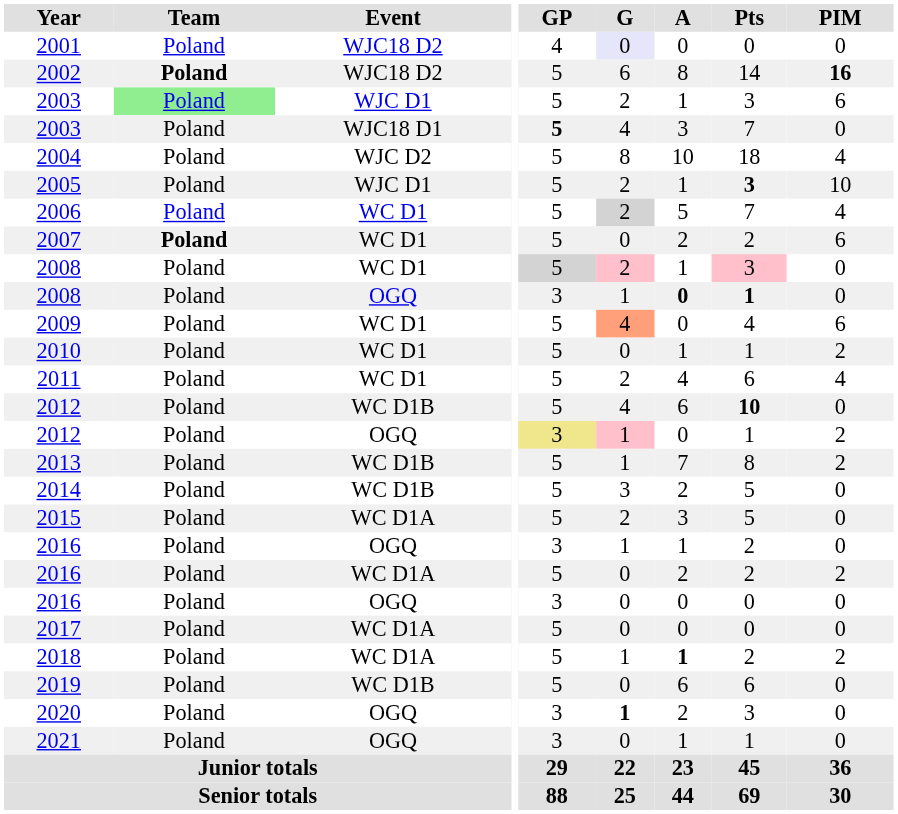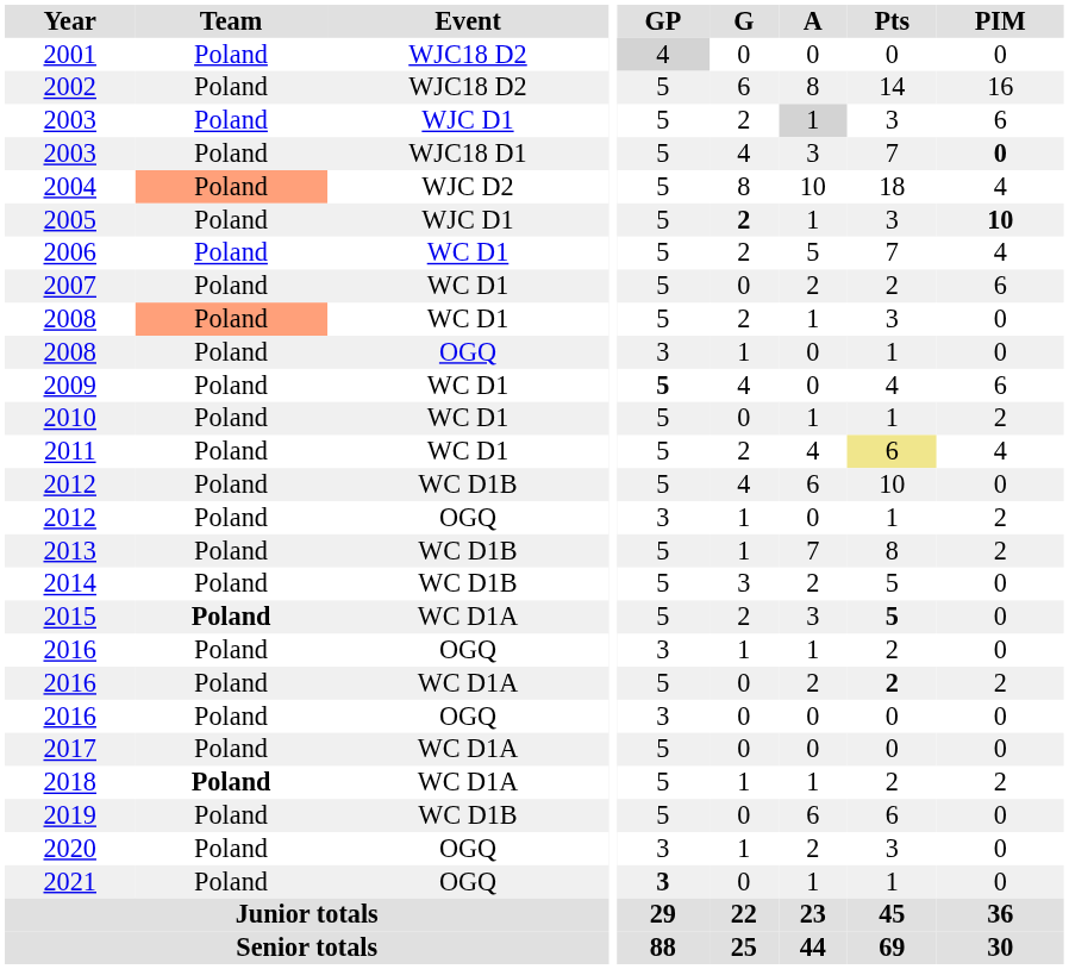 <table border="0" cellpadding="1" cellspacing="0" ID="Table3" style="text-align:center; width:40em">
 <tr ALIGN="center" bgcolor="#e0e0e0">
 <th>Year</th>
 <th>Team</th>
 <th>Event</th>
 <th rowspan="99" bgcolor="#ffffff"></th>
 <th>GP</th>
 <th>G</th>
 <th>A</th>
 <th>Pts</th>
 <th>PIM</th>
 </tr>
 <tr>
 <td><a href='#'>2001</a></td>
 <td><a href='#'>Poland</a></td>
 <td><a href='#'>WJC18 D2</a></td>
-<td>4</td>
-<td style="background: lavender;">0</td>
+<td style="background: lightgrey;">4</td>
+<td>0</td>
 <td>0</td>
 <td>0</td>
 <td>0</td>
 </tr>
 <tr bgcolor="#f0f0f0">
 <td><a href='#'>2002</a></td>
-<td><strong>Poland</strong></td>
+<td>Poland</td>
 <td>WJC18 D2</td>
 <td>5</td>
 <td>6</td>
 <td>8</td>
 <td>14</td>
-<td><strong>16</strong></td>
+<td>16</td>
 </tr>
 <tr>
 <td><a href='#'>2003</a></td>
-<td style="background: lightgreen;"><a href='#'>Poland</a></td>
+<td><a href='#'>Poland</a></td>
 <td><a href='#'>WJC D1</a></td>
 <td>5</td>
 <td>2</td>
-<td>1</td>
+<td style="background: lightgrey;">1</td>
 <td>3</td>
 <td>6</td>
 </tr>
 <tr bgcolor="#f0f0f0">
 <td><a href='#'>2003</a></td>
 <td>Poland</td>
 <td>WJC18 D1</td>
-<td><strong>5</strong></td>
+<td>5</td>
 <td>4</td>
 <td>3</td>
 <td>7</td>
-<td>0</td>
+<td><strong>0</strong></td>
 </tr>
 <tr>
 <td><a href='#'>2004</a></td>
-<td>Poland</td>
+<td style="background: lightsalmon;">Poland</td>
 <td>WJC D2</td>
 <td>5</td>
 <td>8</td>
 <td>10</td>
 <td>18</td>
 <td>4</td>
 </tr>
 <tr bgcolor="#f0f0f0">
 <td><a href='#'>2005</a></td>
 <td>Poland</td>
 <td>WJC D1</td>
 <td>5</td>
-<td>2</td>
+<td><strong>2</strong></td>
 <td>1</td>
-<td><strong>3</strong></td>
-<td>10</td>
+<td>3</td>
+<td><strong>10</strong></td>
 </tr>
 <tr>
 <td><a href='#'>2006</a></td>
 <td><a href='#'>Poland</a></td>
 <td><a href='#'>WC D1</a></td>
 <td>5</td>
-<td style="background: lightgrey;">2</td>
+<td>2</td>
 <td>5</td>
 <td>7</td>
 <td>4</td>
 </tr>
 <tr bgcolor="#f0f0f0">
 <td><a href='#'>2007</a></td>
-<td><strong>Poland</strong></td>
+<td>Poland</td>
 <td>WC D1</td>
 <td>5</td>
 <td>0</td>
 <td>2</td>
 <td>2</td>
 <td>6</td>
 </tr>
 <tr>
 <td><a href='#'>2008</a></td>
-<td>Poland</td>
+<td style="background: lightsalmon;">Poland</td>
 <td>WC D1</td>
-<td style="background: lightgrey;">5</td>
-<td style="background: pink;">2</td>
+<td>5</td>
+<td>2</td>
 <td>1</td>
-<td style="background: pink;">3</td>
+<td>3</td>
 <td>0</td>
 </tr>
 <tr bgcolor="#f0f0f0">
 <td><a href='#'>2008</a></td>
 <td>Poland</td>
 <td><a href='#'>OGQ</a></td>
 <td>3</td>
 <td>1</td>
-<td><strong>0</strong></td>
-<td><strong>1</strong></td>
+<td>0</td>
+<td>1</td>
 <td>0</td>
 </tr>
 <tr>
 <td><a href='#'>2009</a></td>
 <td>Poland</td>
 <td>WC D1</td>
-<td>5</td>
-<td style="background: lightsalmon;">4</td>
+<td><strong>5</strong></td>
+<td>4</td>
 <td>0</td>
 <td>4</td>
 <td>6</td>
 </tr>
 <tr bgcolor="#f0f0f0">
 <td><a href='#'>2010</a></td>
 <td>Poland</td>
 <td>WC D1</td>
 <td>5</td>
 <td>0</td>
 <td>1</td>
 <td>1</td>
 <td>2</td>
 </tr>
 <tr>
 <td><a href='#'>2011</a></td>
 <td>Poland</td>
 <td>WC D1</td>
 <td>5</td>
 <td>2</td>
 <td>4</td>
-<td>6</td>
+<td style="background: khaki;">6</td>
 <td>4</td>
 </tr>
 <tr bgcolor="#f0f0f0">
 <td><a href='#'>2012</a></td>
 <td>Poland</td>
 <td>WC D1B</td>
 <td>5</td>
 <td>4</td>
 <td>6</td>
-<td><strong>10</strong></td>
+<td>10</td>
 <td>0</td>
 </tr>
 <tr>
 <td><a href='#'>2012</a></td>
 <td>Poland</td>
 <td>OGQ</td>
-<td style="background: khaki;">3</td>
-<td style="background: pink;">1</td>
+<td>3</td>
+<td>1</td>
 <td>0</td>
 <td>1</td>
 <td>2</td>
 </tr>
 <tr bgcolor="#f0f0f0">
 <td><a href='#'>2013</a></td>
 <td>Poland</td>
 <td>WC D1B</td>
 <td>5</td>
 <td>1</td>
 <td>7</td>
 <td>8</td>
 <td>2</td>
 </tr>
 <tr>
 <td><a href='#'>2014</a></td>
 <td>Poland</td>
 <td>WC D1B</td>
 <td>5</td>
 <td>3</td>
 <td>2</td>
 <td>5</td>
 <td>0</td>
 </tr>
 <tr bgcolor="#f0f0f0">
 <td><a href='#'>2015</a></td>
-<td>Poland</td>
+<td><strong>Poland</strong></td>
 <td>WC D1A</td>
 <td>5</td>
 <td>2</td>
 <td>3</td>
-<td>5</td>
+<td><strong>5</strong></td>
 <td>0</td>
 </tr>
 <tr>
 <td><a href='#'>2016</a></td>
 <td>Poland</td>
 <td>OGQ</td>
 <td>3</td>
 <td>1</td>
 <td>1</td>
 <td>2</td>
 <td>0</td>
 </tr>
 <tr bgcolor="#f0f0f0">
 <td><a href='#'>2016</a></td>
 <td>Poland</td>
 <td>WC D1A</td>
 <td>5</td>
 <td>0</td>
 <td>2</td>
-<td>2</td>
+<td><strong>2</strong></td>
 <td>2</td>
 </tr>
 <tr>
 <td><a href='#'>2016</a></td>
 <td>Poland</td>
 <td>OGQ</td>
 <td>3</td>
 <td>0</td>
 <td>0</td>
 <td>0</td>
 <td>0</td>
 </tr>
 <tr bgcolor="#f0f0f0">
 <td><a href='#'>2017</a></td>
 <td>Poland</td>
 <td>WC D1A</td>
 <td>5</td>
 <td>0</td>
 <td>0</td>
 <td>0</td>
 <td>0</td>
 </tr>
 <tr>
 <td><a href='#'>2018</a></td>
-<td>Poland</td>
+<td><strong>Poland</strong></td>
 <td>WC D1A</td>
 <td>5</td>
 <td>1</td>
-<td><strong>1</strong></td>
+<td>1</td>
 <td>2</td>
 <td>2</td>
 </tr>
 <tr bgcolor="#f0f0f0">
 <td><a href='#'>2019</a></td>
 <td>Poland</td>
 <td>WC D1B</td>
 <td>5</td>
 <td>0</td>
 <td>6</td>
 <td>6</td>
 <td>0</td>
 </tr>
 <tr>
 <td><a href='#'>2020</a></td>
 <td>Poland</td>
 <td>OGQ</td>
 <td>3</td>
-<td><strong>1</strong></td>
+<td>1</td>
 <td>2</td>
 <td>3</td>
 <td>0</td>
 </tr>
 <tr bgcolor="#f0f0f0">
 <td><a href='#'>2021</a></td>
 <td>Poland</td>
 <td>OGQ</td>
-<td>3</td>
+<td><strong>3</strong></td>
 <td>0</td>
 <td>1</td>
 <td>1</td>
 <td>0</td>
 </tr>
 <tr bgcolor="#e0e0e0">
 <th colspan="3">Junior totals</th>
 <th>29</th>
 <th>22</th>
 <th>23</th>
 <th>45</th>
 <th>36</th>
 </tr>
 <tr bgcolor="#e0e0e0">
 <th colspan="3">Senior totals</th>
 <th>88</th>
 <th>25</th>
 <th>44</th>
 <th>69</th>
 <th>30</th>
 </tr>
 </table>
